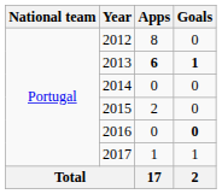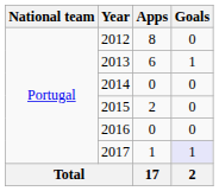 <table class="wikitable" style="text-align:center">
 <tr>
 <th>National team</th>
 <th>Year</th>
 <th>Apps</th>
 <th>Goals</th>
 </tr>
 <tr>
 <td rowspan="6"><a href='#'>Portugal</a></td>
 <td>2012</td>
 <td>8</td>
 <td>0</td>
 </tr>
 <tr>
 <td>2013</td>
-<td><strong>6</strong></td>
-<td><strong>1</strong></td>
+<td>6</td>
+<td>1</td>
 </tr>
 <tr>
 <td>2014</td>
 <td>0</td>
 <td>0</td>
 </tr>
 <tr>
 <td>2015</td>
 <td>2</td>
 <td>0</td>
 </tr>
 <tr>
 <td>2016</td>
 <td>0</td>
-<td><strong>0</strong></td>
+<td>0</td>
 </tr>
 <tr>
 <td>2017</td>
 <td>1</td>
-<td>1</td>
+<td style="background: lavender;">1</td>
 </tr>
 <tr>
 <th colspan="2">Total</th>
 <th>17</th>
 <th>2</th>
 </tr>
 </table>
